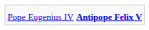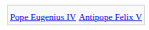 <table style="float:right; clear:right; margin: 10px; border: 1px #CCCCCC solid; background:#F9F9F9">
 <tr>
 <td align=middle></td>
 <td align=middle></td>
 </tr>
 <tr>
 <td align=middle><small><a href='#'>Pope Eugenius IV</a></small></td>
-<td align=middle><strong><small><a href='#'>Antipope Felix V</a></small></strong></td>
+<td align=middle><small><a href='#'>Antipope Felix V</a></small></td>
 </tr>
 </table>
